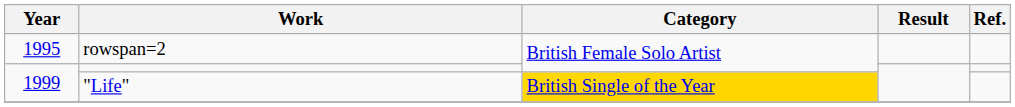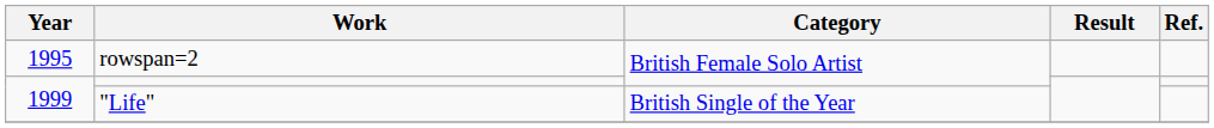 <table class="wikitable sortable">
 <tr>
 <th scope="col" style="width:4em;">Year</th>
 <th scope="col" style="width:29em;">Work</th>
 <th scope="col" style="width:23em;">Category</th>
 <th scope="col" style="width:5em;">Result</th>
 <th class=unsortable>Ref.</th>
 </tr>
 <tr>
 <td style="text-align:center;"><a href='#'>1995</a></td>
 <td>rowspan=2 </td>
 <td rowspan=2><a href='#'>British Female Solo Artist</a></td>
 <td></td>
 <td style="text-align:center;"></td>
 </tr>
 <tr>
 <td rowspan="2" style="text-align:center;"><a href='#'>1999</a></td>
 <td></td>
 <td rowspan="2" style="text-align:center;"></td>
 </tr>
 <tr>
 <td>"<a href='#'>Life</a>"</td>
-<td style="background: gold;"><a href='#'>British Single of the Year</a></td>
+<td><a href='#'>British Single of the Year</a></td>
 <td></td>
 </tr>
 <tr>
 </tr>
 </table>
